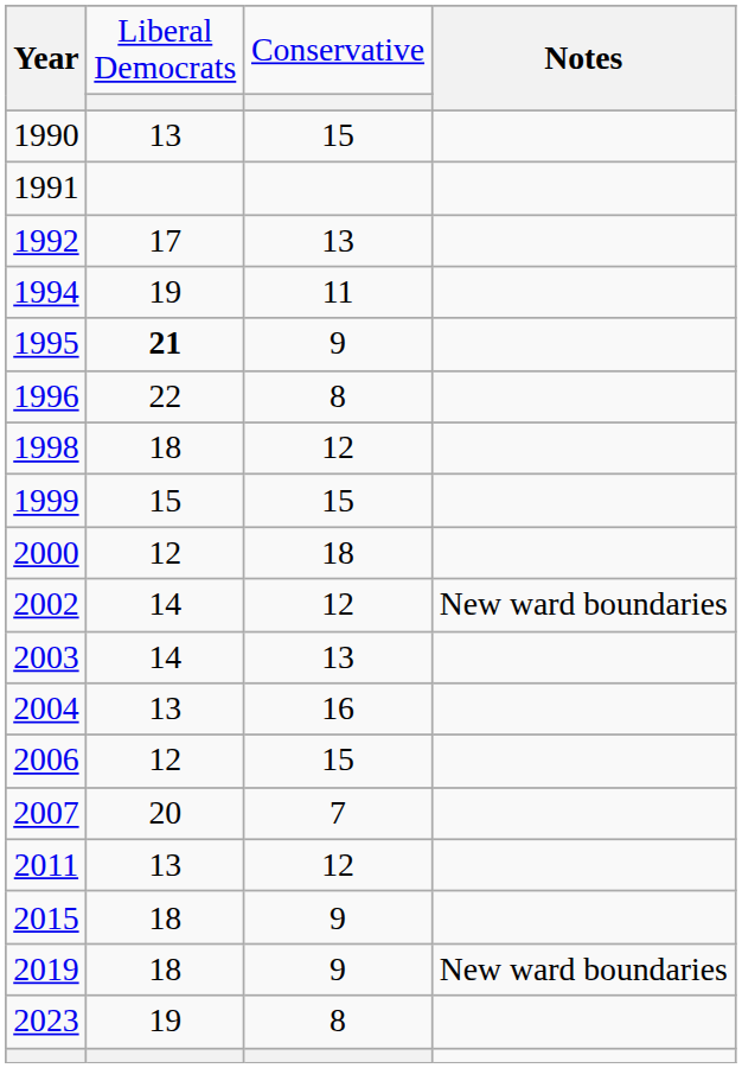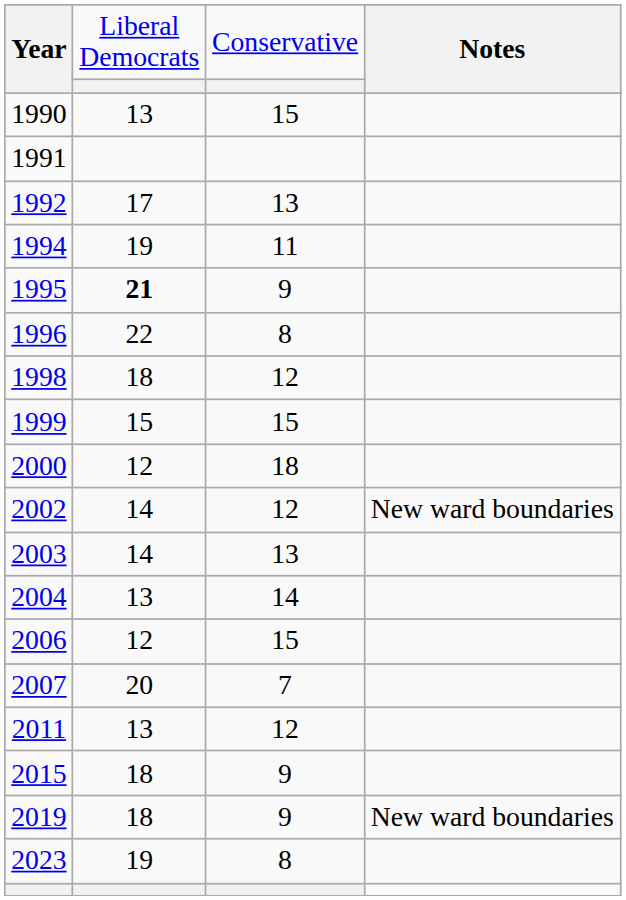 <table class=wikitable style=text-align:center>
 <tr>
 <th rowspan=2>Year</th>
 <td width="60"><a href='#'>Liberal Democrats</a></td>
 <td width="60"><a href='#'>Conservative</a></td>
 <th rowspan="2">Notes</th>
 </tr>
 <tr>
 <th style="background-color: "></th>
 <th style="background-color: "></th>
 </tr>
 <tr>
 <td>1990</td>
 <td>13</td>
 <td>15</td>
 <td></td>
 </tr>
 <tr>
 <td>1991</td>
 <td></td>
 <td></td>
 <td></td>
 </tr>
 <tr>
 <td><a href='#'>1992</a></td>
 <td>17</td>
 <td>13</td>
 <td></td>
 </tr>
 <tr>
 <td><a href='#'>1994</a></td>
 <td>19</td>
 <td>11</td>
 <td></td>
 </tr>
 <tr>
 <td><a href='#'>1995</a></td>
 <td><strong>21</strong></td>
 <td>9</td>
 <td></td>
 </tr>
 <tr>
 <td><a href='#'>1996</a></td>
 <td>22</td>
 <td>8</td>
 <td></td>
 </tr>
 <tr>
 <td><a href='#'>1998</a></td>
 <td>18</td>
 <td>12</td>
 <td></td>
 </tr>
 <tr>
 <td><a href='#'>1999</a></td>
 <td>15</td>
 <td>15</td>
 <td></td>
 </tr>
 <tr>
 <td><a href='#'>2000</a></td>
 <td>12</td>
 <td>18</td>
 <td></td>
 </tr>
 <tr>
 <td><a href='#'>2002</a></td>
 <td>14</td>
 <td>12</td>
 <td>New ward boundaries</td>
 </tr>
 <tr>
 <td><a href='#'>2003</a></td>
 <td>14</td>
 <td>13</td>
 <td></td>
 </tr>
 <tr>
 <td><a href='#'>2004</a></td>
 <td>13</td>
-<td>16</td>
+<td>14</td>
 <td></td>
 </tr>
 <tr>
 <td><a href='#'>2006</a></td>
 <td>12</td>
 <td>15</td>
 <td></td>
 </tr>
 <tr>
 <td><a href='#'>2007</a></td>
 <td>20</td>
 <td>7</td>
 <td></td>
 </tr>
 <tr>
 <td><a href='#'>2011</a></td>
 <td>13</td>
 <td>12</td>
 <td></td>
 </tr>
 <tr>
 <td><a href='#'>2015</a></td>
 <td>18</td>
 <td>9</td>
 <td></td>
 </tr>
 <tr>
 <td><a href='#'>2019</a></td>
 <td>18</td>
 <td>9</td>
 <td>New ward boundaries</td>
 </tr>
 <tr>
 <td><a href='#'>2023</a></td>
 <td>19</td>
 <td>8</td>
 <td></td>
 </tr>
 <tr>
 <th></th>
 <th style="background-color: "></th>
 <th style="background-color: "></th>
 <td></td>
 </tr>
 </table>
